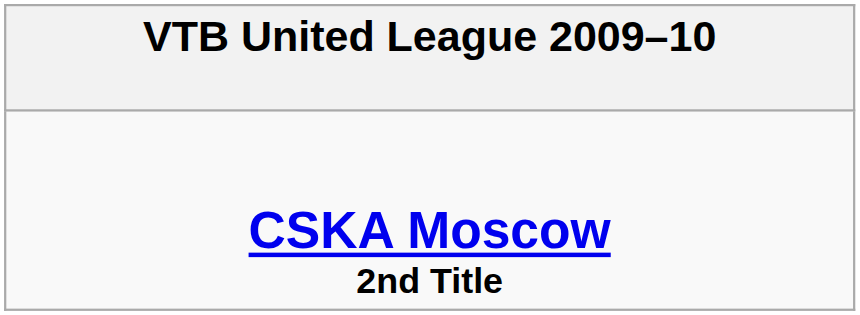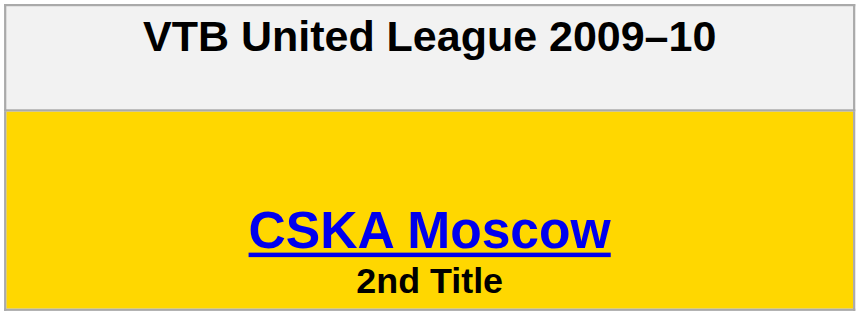 <table class="wikitable" style="margin: 0 auto; width: 30%;">
 <tr>
 <th><big>VTB United League 2009–10</big><br><br></th>
 </tr>
 <tr>
-<td align=center><br><br><big><big><strong><a href='#'>CSKA Moscow</a></strong><br></big></big><strong>2nd Title</strong></td>
+<td align=center style="background: gold;"><br><br><big><big><strong><a href='#'>CSKA Moscow</a></strong><br></big></big><strong>2nd Title</strong></td>
 </tr>
 </table>
